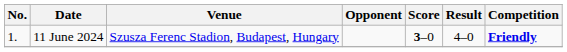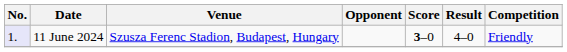 <table class="wikitable">
 <tr>
 <th>No.</th>
 <th>Date</th>
 <th>Venue</th>
 <th>Opponent</th>
 <th>Score</th>
 <th>Result</th>
 <th>Competition</th>
 </tr>
 <tr>
-<td>1.</td>
+<td style="background: lavender;">1.</td>
 <td>11 June 2024</td>
 <td><a href='#'>Szusza Ferenc Stadion</a>, <a href='#'>Budapest</a>, <a href='#'>Hungary</a></td>
 <td></td>
 <td align=center><strong>3</strong>–0</td>
 <td align=center>4–0</td>
-<td><strong><a href='#'>Friendly</a></strong></td>
+<td><a href='#'>Friendly</a></td>
 </tr>
 <tr>
 </tr>
 </table>
